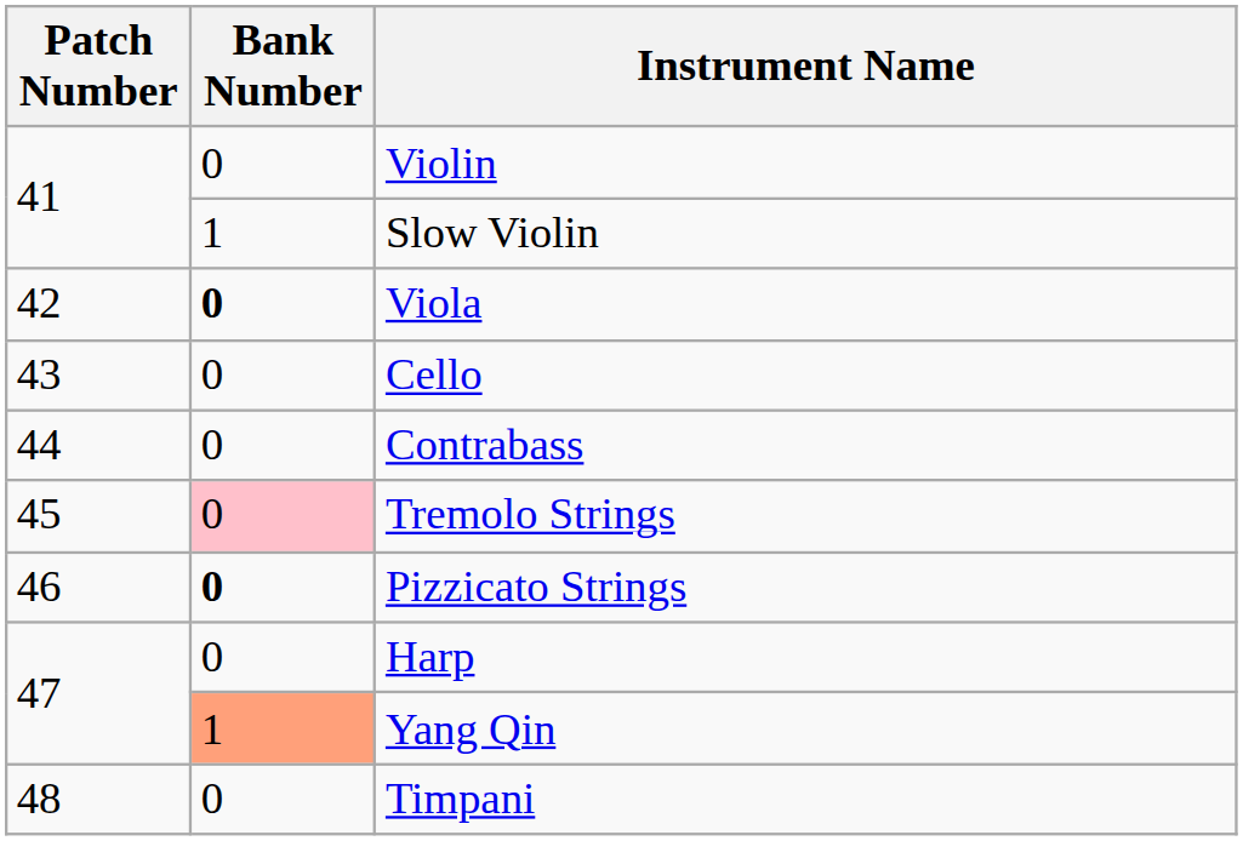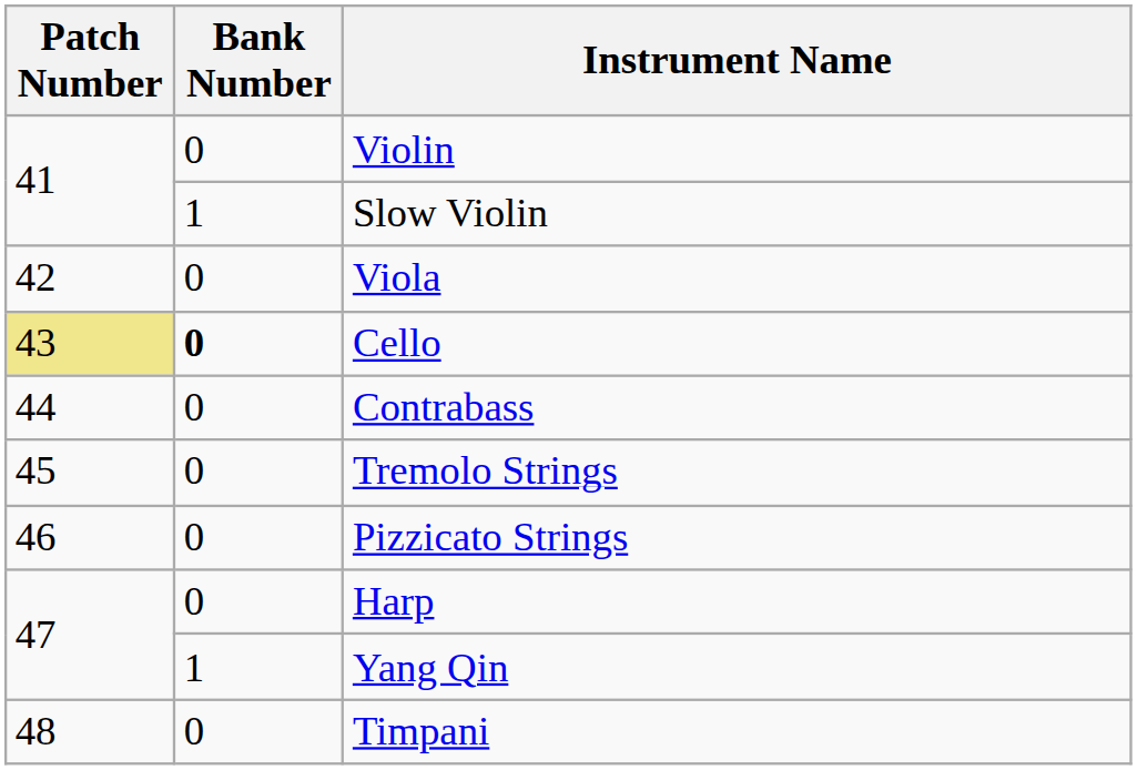 <table width="50%" class="wikitable">
 <tr>
 <th width="15%">Patch Number</th>
 <th width="15%">Bank Number</th>
 <th width="70%">Instrument Name</th>
 </tr>
 <tr>
 <td rowspan=2>41</td>
 <td>0</td>
 <td><a href='#'>Violin</a></td>
 </tr>
 <tr>
 <td>1</td>
 <td>Slow Violin</td>
 </tr>
 <tr>
 <td>42</td>
-<td><strong>0</strong></td>
+<td>0</td>
 <td><a href='#'>Viola</a></td>
 </tr>
 <tr>
-<td>43</td>
-<td>0</td>
+<td style="background: khaki;">43</td>
+<td><strong>0</strong></td>
 <td><a href='#'>Cello</a></td>
 </tr>
 <tr>
 <td>44</td>
 <td>0</td>
 <td><a href='#'>Contrabass</a></td>
 </tr>
 <tr>
 <td>45</td>
-<td style="background: pink;">0</td>
+<td>0</td>
 <td><a href='#'>Tremolo Strings</a></td>
 </tr>
 <tr>
 <td>46</td>
-<td><strong>0</strong></td>
+<td>0</td>
 <td><a href='#'>Pizzicato Strings</a></td>
 </tr>
 <tr>
 <td rowspan=2>47</td>
 <td>0</td>
 <td><a href='#'>Harp</a></td>
 </tr>
 <tr>
-<td style="background: lightsalmon;">1</td>
+<td>1</td>
 <td><a href='#'>Yang Qin</a></td>
 </tr>
 <tr>
 <td>48</td>
 <td>0</td>
 <td><a href='#'>Timpani</a></td>
 </tr>
 </table>
